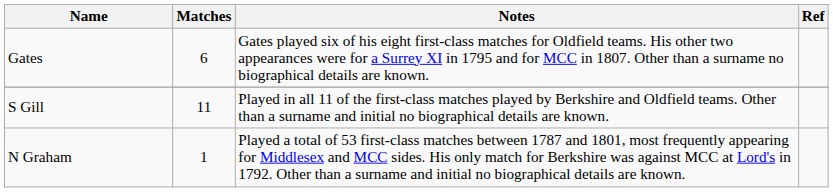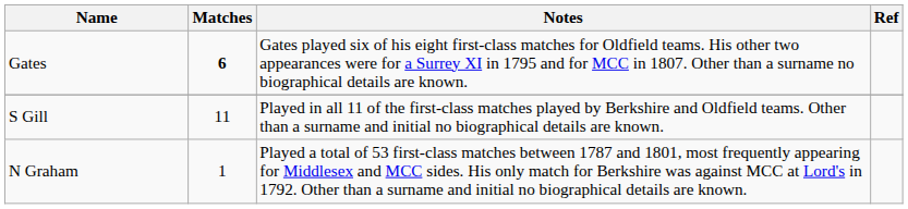 <table class="wikitable">
 <tr>
 <th style="width:170px">Name</th>
 <th>Matches</th>
 <th>Notes</th>
 <th>Ref</th>
 </tr>
 <tr>
 <td>Gates</td>
-<td align=center>6</td>
+<td align=center><strong>6</strong></td>
 <td>Gates played six of his eight first-class matches for Oldfield teams. His other two appearances were for <a href='#'>a Surrey XI</a> in 1795 and for <a href='#'>MCC</a> in 1807. Other than a surname no biographical details are known.</td>
 <td></td>
 </tr>
 <tr>
 </tr>
 <tr>
 <td>S Gill</td>
 <td align=center>11</td>
 <td>Played in all 11 of the first-class matches played by Berkshire and Oldfield teams. Other than a surname and initial no biographical details are known.</td>
 <td></td>
 </tr>
 <tr>
 <td>N Graham</td>
 <td align=center>1</td>
 <td>Played a total of 53 first-class matches between 1787 and 1801, most frequently appearing for <a href='#'>Middlesex</a> and <a href='#'>MCC</a> sides. His only match for Berkshire was against MCC at <a href='#'>Lord's</a> in 1792. Other than a surname and initial no biographical details are known.</td>
 <td></td>
 </tr>
 </table>
